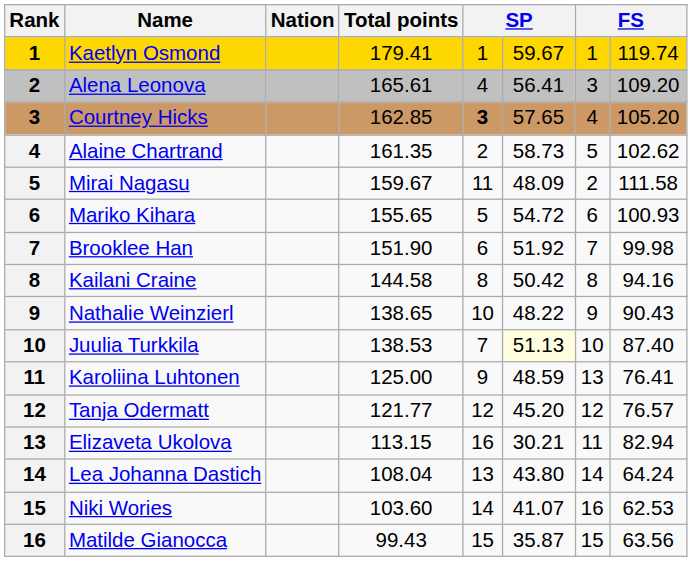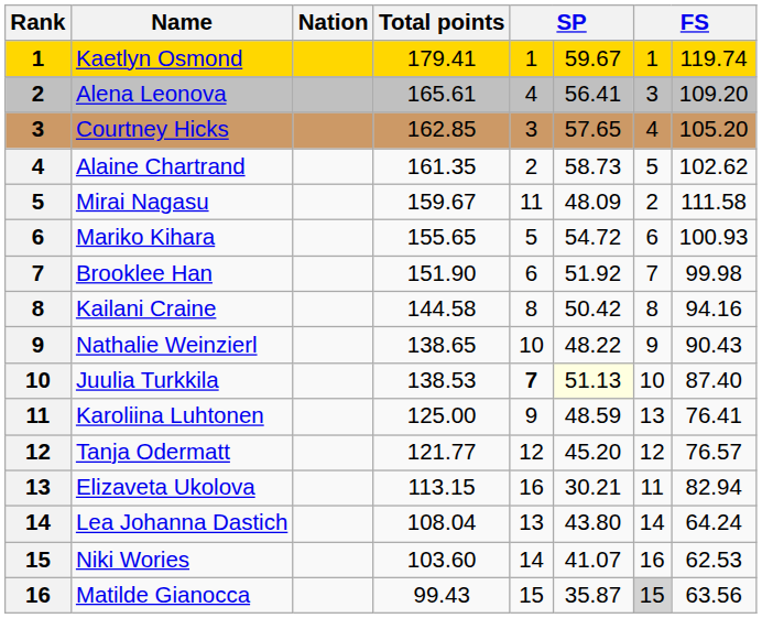 <table class="wikitable sortable">
 <tr>
 <th>Rank</th>
 <th>Name</th>
 <th>Nation</th>
 <th>Total points</th>
 <th colspan="2" width="80px"><a href='#'>SP</a></th>
 <th colspan="2" width="80px"><a href='#'>FS</a></th>
 </tr>
 <tr bgcolor="gold">
 <td align="center"><strong>1</strong></td>
 <td><a href='#'>Kaetlyn Osmond</a></td>
 <td></td>
 <td align="center">179.41</td>
 <td align="center">1</td>
 <td align="center">59.67</td>
 <td align="center">1</td>
 <td align="center">119.74</td>
 </tr>
 <tr bgcolor="silver">
 <td align="center"><strong>2</strong></td>
 <td><a href='#'>Alena Leonova</a></td>
 <td></td>
 <td align="center">165.61</td>
 <td align="center">4</td>
 <td align="center">56.41</td>
 <td align="center">3</td>
 <td align="center">109.20</td>
 </tr>
 <tr bgcolor="cc9966">
 <td align="center"><strong>3</strong></td>
 <td><a href='#'>Courtney Hicks</a></td>
 <td></td>
 <td align="center">162.85</td>
-<td align="center"><strong>3</strong></td>
+<td align="center">3</td>
 <td align="center">57.65</td>
 <td align="center">4</td>
 <td align="center">105.20</td>
 </tr>
 <tr>
 <th>4</th>
 <td><a href='#'>Alaine Chartrand</a></td>
 <td></td>
 <td align="center">161.35</td>
 <td align="center">2</td>
 <td align="center">58.73</td>
 <td align="center">5</td>
 <td align="center">102.62</td>
 </tr>
 <tr>
 <th>5</th>
 <td><a href='#'>Mirai Nagasu</a></td>
 <td></td>
 <td align="center">159.67</td>
 <td align="center">11</td>
 <td align="center">48.09</td>
 <td align="center">2</td>
 <td align="center">111.58</td>
 </tr>
 <tr>
 <th>6</th>
 <td><a href='#'>Mariko Kihara</a></td>
 <td></td>
 <td align="center">155.65</td>
 <td align="center">5</td>
 <td align="center">54.72</td>
 <td align="center">6</td>
 <td align="center">100.93</td>
 </tr>
 <tr>
 <th>7</th>
 <td><a href='#'>Brooklee Han</a></td>
 <td></td>
 <td align="center">151.90</td>
 <td align="center">6</td>
 <td align="center">51.92</td>
 <td align="center">7</td>
 <td align="center">99.98</td>
 </tr>
 <tr>
 <th>8</th>
 <td><a href='#'>Kailani Craine</a></td>
 <td></td>
 <td align="center">144.58</td>
 <td align="center">8</td>
 <td align="center">50.42</td>
 <td align="center">8</td>
 <td align="center">94.16</td>
 </tr>
 <tr>
 <th>9</th>
 <td><a href='#'>Nathalie Weinzierl</a></td>
 <td></td>
 <td align="center">138.65</td>
 <td align="center">10</td>
 <td align="center">48.22</td>
 <td align="center">9</td>
 <td align="center">90.43</td>
 </tr>
 <tr>
 <th>10</th>
 <td><a href='#'>Juulia Turkkila</a></td>
 <td></td>
 <td align="center">138.53</td>
-<td align="center">7</td>
+<td align="center"><strong>7</strong></td>
 <td align="center" style="background: lightyellow;">51.13</td>
 <td align="center">10</td>
 <td align="center">87.40</td>
 </tr>
 <tr>
 <th>11</th>
 <td><a href='#'>Karoliina Luhtonen</a></td>
 <td></td>
 <td align="center">125.00</td>
 <td align="center">9</td>
 <td align="center">48.59</td>
 <td align="center">13</td>
 <td align="center">76.41</td>
 </tr>
 <tr>
 <th>12</th>
 <td><a href='#'>Tanja Odermatt</a></td>
 <td></td>
 <td align="center">121.77</td>
 <td align="center">12</td>
 <td align="center">45.20</td>
 <td align="center">12</td>
 <td align="center">76.57</td>
 </tr>
 <tr>
 <th>13</th>
 <td><a href='#'>Elizaveta Ukolova</a></td>
 <td></td>
 <td align="center">113.15</td>
 <td align="center">16</td>
 <td align="center">30.21</td>
 <td align="center">11</td>
 <td align="center">82.94</td>
 </tr>
 <tr>
 <th>14</th>
 <td><a href='#'>Lea Johanna Dastich</a></td>
 <td></td>
 <td align="center">108.04</td>
 <td align="center">13</td>
 <td align="center">43.80</td>
 <td align="center">14</td>
 <td align="center">64.24</td>
 </tr>
 <tr>
 <th>15</th>
 <td><a href='#'>Niki Wories</a></td>
 <td></td>
 <td align="center">103.60</td>
 <td align="center">14</td>
 <td align="center">41.07</td>
 <td align="center">16</td>
 <td align="center">62.53</td>
 </tr>
 <tr>
 <th>16</th>
 <td><a href='#'>Matilde Gianocca</a></td>
 <td></td>
 <td align="center">99.43</td>
 <td align="center">15</td>
 <td align="center">35.87</td>
-<td align="center">15</td>
+<td align="center" style="background: lightgrey;">15</td>
 <td align="center">63.56</td>
 </tr>
 </table>
